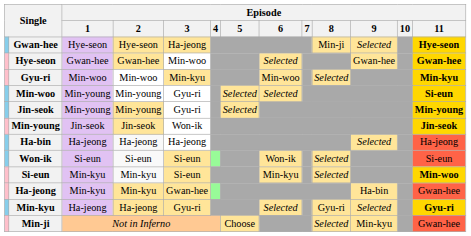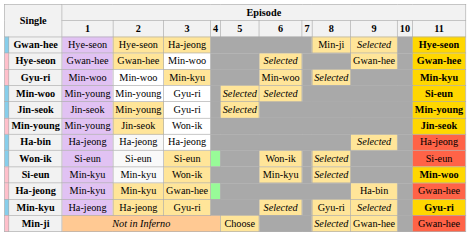 <table class="wikitable" style="text-align:center">
 <tr>
 <th colspan="2" rowspan="2">Single</th>
 <th colspan="14">Episode</th>
 </tr>
 <tr>
 <th>1</th>
 <th>2</th>
 <th>3</th>
 <th>4</th>
 <th>5</th>
 <th>6</th>
 <th>7</th>
 <th>8</th>
 <th>9</th>
 <th>10</th>
 <th>11</th>
 </tr>
 <tr>
 <td style="background:skyblue"></td>
 <th>Gwan-hee</th>
 <td style="background:#e1c2f3">Hye-seon</td>
 <td style="background:#ffe599">Hye-seon</td>
 <td style="background:#ffe599">Ha-jeong</td>
 <td colspan="4" style="background:darkgrey"></td>
 <td style="background:#ffe599">Min-ji</td>
 <td style="background:#ffe599"><em>Selected</em></td>
 <td style="background:darkgrey"></td>
 <td style="background:gold"><strong>Hye-seon</strong></td>
 </tr>
 <tr>
 <td style="background:pink"></td>
 <th>Hye-seon</th>
 <td style="background:#e1c2f3">Gwan-hee</td>
 <td style="background:#ffe599">Gwan-hee</td>
 <td style="background:white">Min-woo</td>
 <td colspan="2" style="background:darkgrey"></td>
 <td style="background:#ffe599"><em>Selected</em></td>
 <td colspan="2" style="background:darkgrey"></td>
 <td style="background:#ffe599">Gwan-hee</td>
 <td style="background:darkgrey"></td>
 <td style="background:gold"><strong>Gwan-hee</strong></td>
 </tr>
 <tr>
 <td style="background:pink"></td>
 <th>Gyu-ri</th>
 <td style="background:#e1c2f3">Min-woo</td>
 <td style="background:white">Min-woo</td>
 <td style="background:#ffe599">Min-kyu</td>
 <td colspan="2" style="background:darkgrey"></td>
 <td style="background:#ffe599">Min-woo</td>
 <td style="background:darkgrey"></td>
 <td style="background:#ffe599"><em>Selected</em></td>
 <td colspan="2" style="background:darkgrey"></td>
 <td style="background:gold"><strong>Min-kyu</strong></td>
 </tr>
 <tr>
 <td style="background:skyblue"></td>
 <th>Min-woo</th>
 <td style="background:#e1c2f3">Min-young</td>
 <td style="background:white">Min-young</td>
 <td style="background:white">Gyu-ri</td>
 <td style="background:darkgrey"></td>
 <td style="background:#ffe599"><em>Selected</em></td>
 <td style="background:#ffe599"><em>Selected</em></td>
 <td colspan="4" style="background:darkgrey"></td>
 <td style="background:gold"><strong>Si-eun</strong></td>
 </tr>
 <tr>
 <td style="background:skyblue"></td>
 <th>Jin-seok</th>
-<td style="background:#e1c2f3">Min-young</td>
+<td style="background:#e1c2f3">Jin-seok</td>
 <td style="background:#ffe599">Min-young</td>
 <td style="background:white">Gyu-ri</td>
 <td style="background:darkgrey"></td>
 <td style="background:#ffe599"><em>Selected</em></td>
 <td colspan="5" style="background:darkgrey"></td>
 <td style="background:gold"><strong>Min-young</strong></td>
 </tr>
 <tr>
 <td style="background:pink"></td>
 <th>Min-young</th>
-<td style="background:#e1c2f3">Jin-seok</td>
+<td style="background:#e1c2f3">Min-young</td>
 <td style="background:#ffe599">Jin-seok</td>
 <td style="background:white">Won-ik</td>
 <td colspan="7" style="background:darkgrey"></td>
 <td style="background:gold"><strong>Jin-seok</strong></td>
 </tr>
 <tr>
 <td style="background:skyblue"></td>
 <th>Ha-bin</th>
 <td style="background:#e1c2f3">Ha-jeong</td>
 <td style="background:#white">Ha-jeong</td>
 <td style="background:white">Ha-jeong</td>
 <td colspan="5" style="background:darkgrey"></td>
 <td style="background:#ffe599"><em>Selected</em></td>
 <td style="background:darkgrey"></td>
 <td style="background:tomato">Ha-jeong</td>
 </tr>
 <tr>
 <td style="background:skyblue"></td>
 <th>Won-ik</th>
 <td style="background:#e1c2f3">Si-eun</td>
 <td style="background:#white">Si-eun</td>
 <td style="background:#ffe599">Si-eun</td>
 <td style="background:palegreen"></td>
 <td style="background:darkgrey"></td>
 <td style="background:#ffe599">Won-ik</td>
 <td style="background:darkgrey"></td>
 <td style="background:#ffe599"><em>Selected</em></td>
 <td colspan="2" style="background:darkgrey"></td>
 <td style="background:tomato">Si-eun</td>
 </tr>
 <tr>
 <td style="background:pink"></td>
 <th>Si-eun</th>
 <td style="background:#e1c2f3">Min-kyu</td>
 <td style="background:#white">Min-kyu</td>
-<td style="background:#ffe599">Si-eun</td>
+<td style="background:#ffe599">Won-ik</td>
 <td colspan="2" style="background:darkgrey"></td>
 <td style="background:#ffe599">Min-kyu</td>
 <td style="background:darkgrey"></td>
 <td style="background:#ffe599"><em>Selected</em></td>
 <td colspan="2" style="background:darkgrey"></td>
 <td style="background:gold"><strong>Min-woo</strong></td>
 </tr>
 <tr>
 <td style="background:pink"></td>
 <th>Ha-jeong</th>
 <td style="background:#e1c2f3">Min-kyu</td>
 <td style="background:#ffe599">Min-kyu</td>
 <td style="background:#ffe599">Gwan-hee</td>
 <td style="background:palegreen"></td>
 <td colspan="4" style="background:darkgrey"></td>
 <td style="background:#ffe599">Ha-bin</td>
 <td style="background:darkgrey"></td>
 <td style="background:tomato">Gwan-hee</td>
 </tr>
 <tr>
 <td style="background:skyblue"></td>
 <th>Min-kyu</th>
 <td style="background:#e1c2f3">Ha-jeong</td>
 <td style="background:#ffe599">Ha-jeong</td>
 <td style="background:#ffe599">Gyu-ri</td>
 <td colspan="2" style="background:darkgrey"></td>
 <td style="background:#ffe599"><em>Selected</em></td>
 <td style="background:darkgrey"></td>
 <td style="background:#ffe599">Gyu-ri</td>
 <td style="background:#ffe599"><em>Selected</em></td>
 <td style="background:darkgrey"></td>
 <td style="background:gold"><strong>Gyu-ri</strong></td>
 </tr>
 <tr>
 <td style="background:pink"></td>
 <th>Min-ji</th>
 <td colspan="4" style="background:#ffc993"><em>Not in Inferno</em></td>
 <td style="background:#ffe599">Choose</td>
 <td colspan="2" style="background:darkgrey"></td>
 <td style="background:#ffe599"><em>Selected</em></td>
-<td style="background:#ffe599">Min-kyu</td>
+<td style="background:#ffe599">Gwan-hee</td>
 <td style="background:darkgrey"></td>
 <td style="background:tomato">Gwan-hee</td>
 </tr>
 </table>
